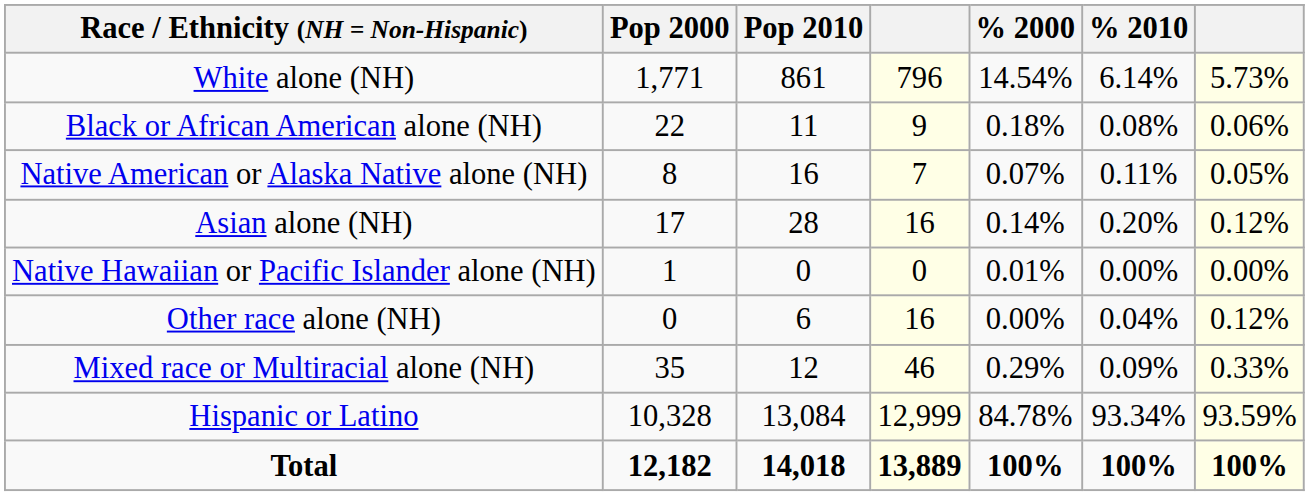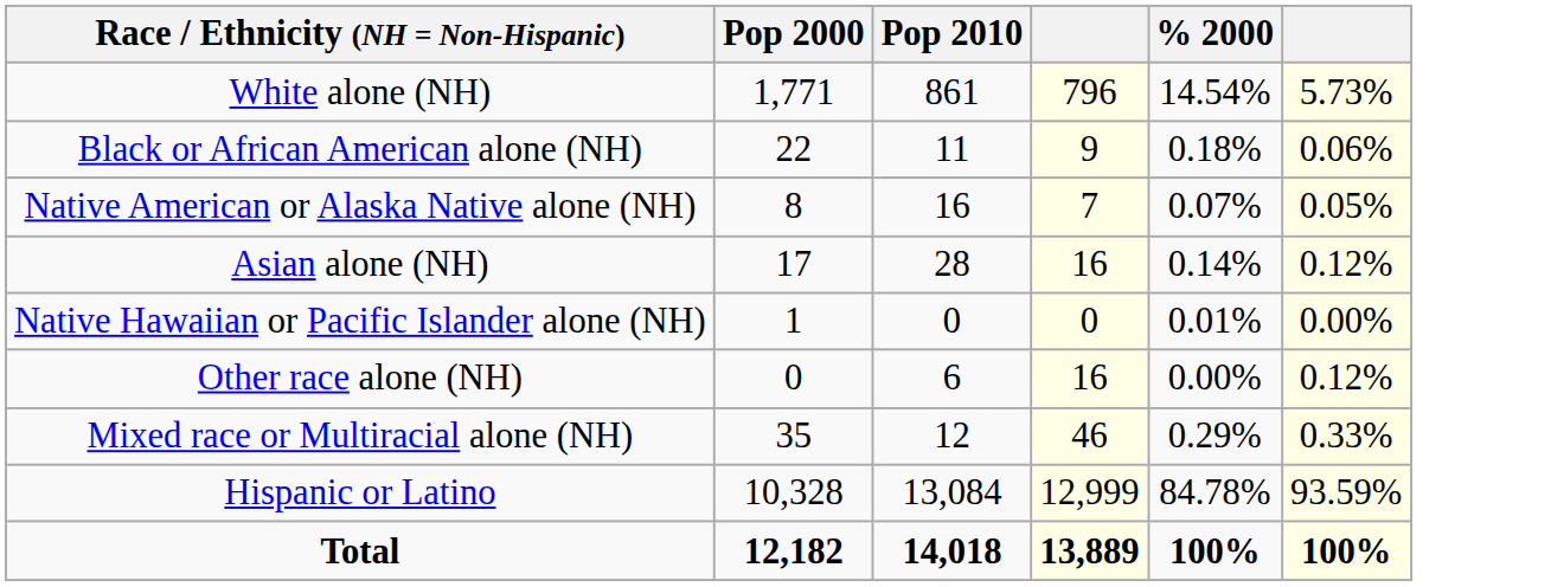 <table class="wikitable" style="text-align:center;">
 <tr>
 <th>Race / Ethnicity <small>(<em>NH = Non-Hispanic</em>)</small></th>
 <th>Pop 2000</th>
 <th>Pop 2010</th>
 <th></th>
 <th>% 2000</th>
-<th>% 2010</th>
 <th></th>
 </tr>
 <tr>
 <td><a href='#'>White</a> alone (NH)</td>
 <td>1,771</td>
 <td>861</td>
 <td style='background: #ffffe6;'>796</td>
 <td>14.54%</td>
-<td>6.14%</td>
 <td style='background: #ffffe6;'>5.73%</td>
 </tr>
 <tr>
 <td><a href='#'>Black or African American</a> alone (NH)</td>
 <td>22</td>
 <td>11</td>
 <td style='background: #ffffe6;'>9</td>
 <td>0.18%</td>
-<td>0.08%</td>
 <td style='background: #ffffe6;'>0.06%</td>
 </tr>
 <tr>
 <td><a href='#'>Native American</a> or <a href='#'>Alaska Native</a> alone (NH)</td>
 <td>8</td>
 <td>16</td>
 <td style='background: #ffffe6;'>7</td>
 <td>0.07%</td>
-<td>0.11%</td>
 <td style='background: #ffffe6;'>0.05%</td>
 </tr>
 <tr>
 <td><a href='#'>Asian</a> alone (NH)</td>
 <td>17</td>
 <td>28</td>
 <td style='background: #ffffe6;'>16</td>
 <td>0.14%</td>
-<td>0.20%</td>
 <td style='background: #ffffe6;'>0.12%</td>
 </tr>
 <tr>
 <td><a href='#'>Native Hawaiian</a> or <a href='#'>Pacific Islander</a> alone (NH)</td>
 <td>1</td>
 <td>0</td>
 <td style='background: #ffffe6;'>0</td>
 <td>0.01%</td>
-<td>0.00%</td>
 <td style='background: #ffffe6;'>0.00%</td>
 </tr>
 <tr>
 <td><a href='#'>Other race</a> alone (NH)</td>
 <td>0</td>
 <td>6</td>
 <td style='background: #ffffe6;'>16</td>
 <td>0.00%</td>
-<td>0.04%</td>
 <td style='background: #ffffe6;'>0.12%</td>
 </tr>
 <tr>
 <td><a href='#'>Mixed race or Multiracial</a> alone (NH)</td>
 <td>35</td>
 <td>12</td>
 <td style='background: #ffffe6;'>46</td>
 <td>0.29%</td>
-<td>0.09%</td>
 <td style='background: #ffffe6;'>0.33%</td>
 </tr>
 <tr>
 <td><a href='#'>Hispanic or Latino</a></td>
 <td>10,328</td>
 <td>13,084</td>
 <td style='background: #ffffe6;'>12,999</td>
 <td>84.78%</td>
-<td>93.34%</td>
 <td style='background: #ffffe6;'>93.59%</td>
 </tr>
 <tr>
 <td><strong>Total</strong></td>
 <td><strong>12,182</strong></td>
 <td><strong>14,018</strong></td>
 <td style='background: #ffffe6;'><strong>13,889</strong></td>
 <td><strong>100%</strong></td>
-<td><strong>100%</strong></td>
 <td style='background: #ffffe6;'><strong>100%</strong></td>
 </tr>
 </table>
